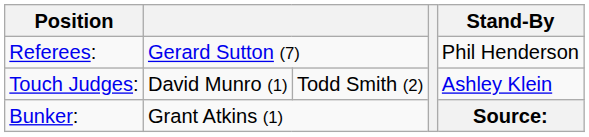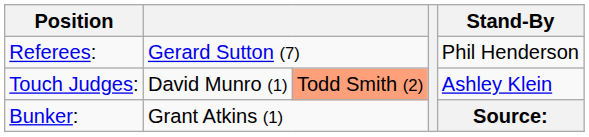 <table class="wikitable" style="font-size: 95%;">
 <tr>
 <th>Position</th>
 <th colspan="2"></th>
 <th rowspan="4"></th>
 <th>Stand-By</th>
 </tr>
 <tr>
 <td class="table-rh" ><a href='#'>Referees</a>:</td>
 <td colspan="2"><a href='#'>Gerard Sutton</a> <small>(7)</small></td>
 <td>Phil Henderson</td>
 </tr>
 <tr>
 <td class="table-rh" ><a href='#'>Touch Judges</a>:</td>
 <td>David Munro <small>(1)</small></td>
-<td>Todd Smith <small>(2)</small></td>
+<td style="background: lightsalmon;">Todd Smith <small>(2)</small></td>
 <td><a href='#'>Ashley Klein</a></td>
 </tr>
 <tr>
 <td class="table-rh" ><a href='#'>Bunker</a>:</td>
 <td colspan="2">Grant Atkins <small>(1)</small></td>
 <th>Source:</th>
 </tr>
 </table>
